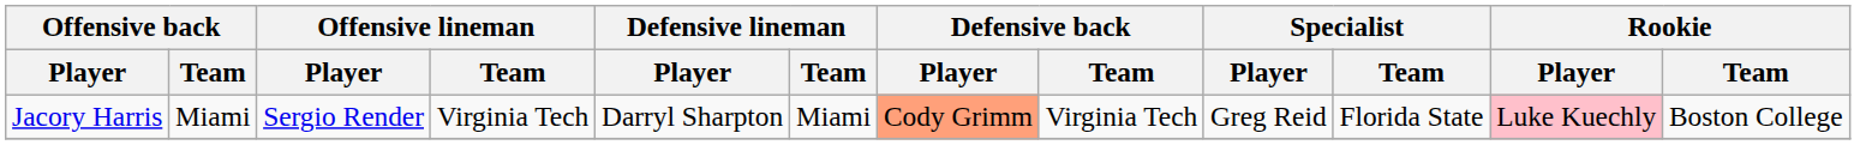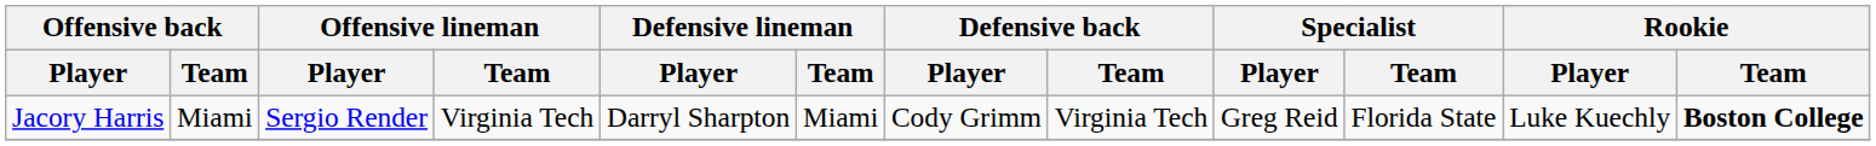 <table class="wikitable" border="1">
 <tr>
 <th colspan="2">Offensive back</th>
 <th colspan="2">Offensive lineman</th>
 <th colspan="2">Defensive lineman</th>
 <th colspan="2">Defensive back</th>
 <th colspan="2">Specialist</th>
 <th colspan="2">Rookie</th>
 </tr>
 <tr>
 <th>Player</th>
 <th>Team</th>
 <th>Player</th>
 <th>Team</th>
 <th>Player</th>
 <th>Team</th>
 <th>Player</th>
 <th>Team</th>
 <th>Player</th>
 <th>Team</th>
 <th>Player</th>
 <th>Team</th>
 </tr>
 <tr>
 <td><a href='#'>Jacory Harris</a></td>
 <td>Miami</td>
 <td><a href='#'>Sergio Render</a></td>
 <td>Virginia Tech</td>
 <td>Darryl Sharpton</td>
 <td>Miami</td>
-<td style="background: lightsalmon;">Cody Grimm</td>
+<td>Cody Grimm</td>
 <td>Virginia Tech</td>
 <td>Greg Reid</td>
 <td>Florida State</td>
-<td style="background: pink;">Luke Kuechly</td>
-<td>Boston College</td>
+<td>Luke Kuechly</td>
+<td><strong>Boston College</strong></td>
 </tr>
 <tr>
 </tr>
 </table>
